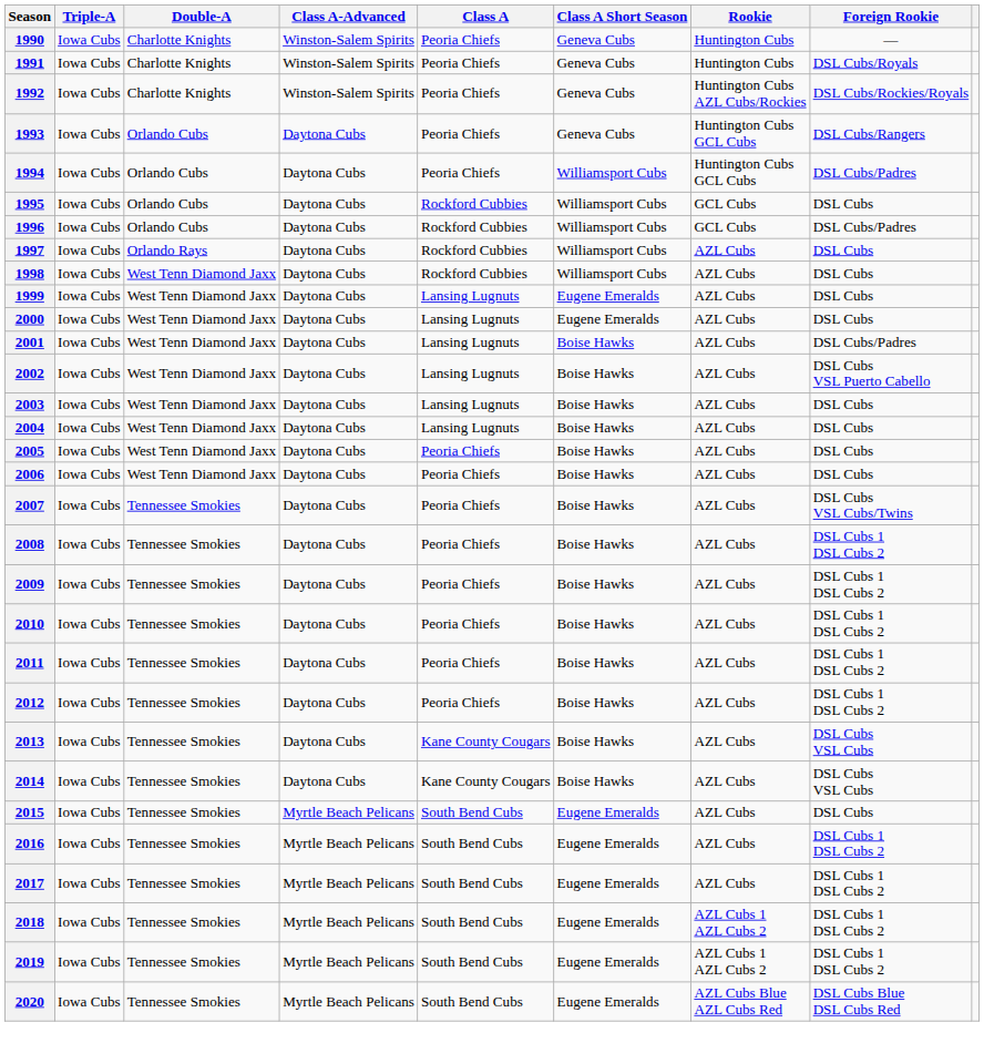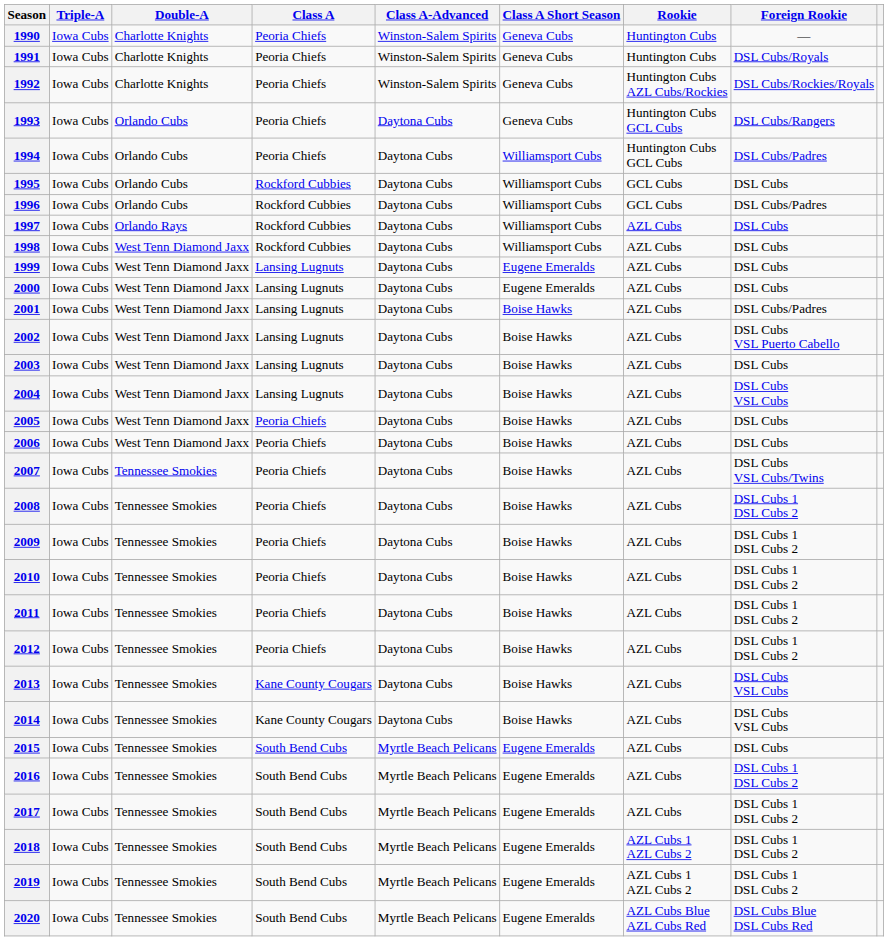 <table class="wikitable plainrowheaders">
 <tr>
 <th scope="col">Season</th>
 <th scope="col"><a href='#'><span>Triple-A</span></a></th>
 <th scope="col"><a href='#'><span>Double-A</span></a></th>
+<th scope="col"><a href='#'><span>Class A</span></a></th>
 <th scope="col"><a href='#'><span>Class A-Advanced</span></a></th>
-<th scope="col"><a href='#'><span>Class A</span></a></th>
 <th scope="col"><a href='#'><span>Class A Short Season</span></a></th>
 <th scope="col"><a href='#'><span>Rookie</span></a></th>
 <th scope="col"><a href='#'><span>Foreign Rookie</span></a></th>
 <th scope="col"></th>
 </tr>
 <tr>
 <th scope="row" style="text-align:center"><a href='#'>1990</a></th>
 <td><a href='#'>Iowa Cubs</a></td>
 <td><a href='#'>Charlotte Knights</a></td>
+<td><a href='#'>Peoria Chiefs</a></td>
 <td><a href='#'>Winston-Salem Spirits</a></td>
-<td><a href='#'>Peoria Chiefs</a></td>
 <td><a href='#'>Geneva Cubs</a></td>
 <td><a href='#'>Huntington Cubs</a></td>
 <td align="center">—</td>
 <td align="center"></td>
 </tr>
 <tr>
 <th scope="row" style="text-align:center"><a href='#'>1991</a></th>
 <td>Iowa Cubs</td>
 <td>Charlotte Knights</td>
+<td>Peoria Chiefs</td>
 <td>Winston-Salem Spirits</td>
-<td>Peoria Chiefs</td>
 <td>Geneva Cubs</td>
 <td>Huntington Cubs</td>
 <td><a href='#'>DSL Cubs/Royals</a></td>
 <td align="center"></td>
 </tr>
 <tr>
 <th scope="row" style="text-align:center"><a href='#'>1992</a></th>
 <td>Iowa Cubs</td>
 <td>Charlotte Knights</td>
+<td>Peoria Chiefs</td>
 <td>Winston-Salem Spirits</td>
-<td>Peoria Chiefs</td>
 <td>Geneva Cubs</td>
 <td>Huntington Cubs<br><a href='#'>AZL Cubs/Rockies</a></td>
 <td><a href='#'>DSL Cubs/Rockies/Royals</a></td>
 <td align="center"></td>
 </tr>
 <tr>
 <th scope="row" style="text-align:center"><a href='#'>1993</a></th>
 <td>Iowa Cubs</td>
 <td><a href='#'>Orlando Cubs</a></td>
+<td>Peoria Chiefs</td>
 <td><a href='#'>Daytona Cubs</a></td>
-<td>Peoria Chiefs</td>
 <td>Geneva Cubs</td>
 <td>Huntington Cubs<br><a href='#'>GCL Cubs</a></td>
 <td><a href='#'>DSL Cubs/Rangers</a></td>
 <td align="center"></td>
 </tr>
 <tr>
 <th scope="row" style="text-align:center"><a href='#'>1994</a></th>
 <td>Iowa Cubs</td>
 <td>Orlando Cubs</td>
+<td>Peoria Chiefs</td>
 <td>Daytona Cubs</td>
-<td>Peoria Chiefs</td>
 <td><a href='#'>Williamsport Cubs</a></td>
 <td>Huntington Cubs<br>GCL Cubs</td>
 <td><a href='#'>DSL Cubs/Padres</a></td>
 <td align="center"></td>
 </tr>
 <tr>
 <th scope="row" style="text-align:center"><a href='#'>1995</a></th>
 <td>Iowa Cubs</td>
 <td>Orlando Cubs</td>
+<td><a href='#'>Rockford Cubbies</a></td>
 <td>Daytona Cubs</td>
-<td><a href='#'>Rockford Cubbies</a></td>
 <td>Williamsport Cubs</td>
 <td>GCL Cubs</td>
 <td>DSL Cubs</td>
 <td align="center"></td>
 </tr>
 <tr>
 <th scope="row" style="text-align:center"><a href='#'>1996</a></th>
 <td>Iowa Cubs</td>
 <td>Orlando Cubs</td>
+<td>Rockford Cubbies</td>
 <td>Daytona Cubs</td>
-<td>Rockford Cubbies</td>
 <td>Williamsport Cubs</td>
 <td>GCL Cubs</td>
 <td>DSL Cubs/Padres</td>
 <td align="center"></td>
 </tr>
 <tr>
 <th scope="row" style="text-align:center"><a href='#'>1997</a></th>
 <td>Iowa Cubs</td>
 <td><a href='#'>Orlando Rays</a></td>
+<td>Rockford Cubbies</td>
 <td>Daytona Cubs</td>
-<td>Rockford Cubbies</td>
 <td>Williamsport Cubs</td>
 <td><a href='#'>AZL Cubs</a></td>
 <td><a href='#'>DSL Cubs</a></td>
 <td align="center"></td>
 </tr>
 <tr>
 <th scope="row" style="text-align:center"><a href='#'>1998</a></th>
 <td>Iowa Cubs</td>
 <td><a href='#'>West Tenn Diamond Jaxx</a></td>
+<td>Rockford Cubbies</td>
 <td>Daytona Cubs</td>
-<td>Rockford Cubbies</td>
 <td>Williamsport Cubs</td>
 <td>AZL Cubs</td>
 <td>DSL Cubs</td>
 <td align="center"></td>
 </tr>
 <tr>
 <th scope="row" style="text-align:center"><a href='#'>1999</a></th>
 <td>Iowa Cubs</td>
 <td>West Tenn Diamond Jaxx</td>
+<td><a href='#'>Lansing Lugnuts</a></td>
 <td>Daytona Cubs</td>
-<td><a href='#'>Lansing Lugnuts</a></td>
 <td><a href='#'>Eugene Emeralds</a></td>
 <td>AZL Cubs</td>
 <td>DSL Cubs</td>
 <td align="center"></td>
 </tr>
 <tr>
 <th scope="row" style="text-align:center"><a href='#'>2000</a></th>
 <td>Iowa Cubs</td>
 <td>West Tenn Diamond Jaxx</td>
+<td>Lansing Lugnuts</td>
 <td>Daytona Cubs</td>
-<td>Lansing Lugnuts</td>
 <td>Eugene Emeralds</td>
 <td>AZL Cubs</td>
 <td>DSL Cubs</td>
 <td align="center"></td>
 </tr>
 <tr>
 <th scope="row" style="text-align:center"><a href='#'>2001</a></th>
 <td>Iowa Cubs</td>
 <td>West Tenn Diamond Jaxx</td>
+<td>Lansing Lugnuts</td>
 <td>Daytona Cubs</td>
-<td>Lansing Lugnuts</td>
 <td><a href='#'>Boise Hawks</a></td>
 <td>AZL Cubs</td>
 <td>DSL Cubs/Padres</td>
 <td align="center"></td>
 </tr>
 <tr>
 <th scope="row" style="text-align:center"><a href='#'>2002</a></th>
 <td>Iowa Cubs</td>
 <td>West Tenn Diamond Jaxx</td>
+<td>Lansing Lugnuts</td>
 <td>Daytona Cubs</td>
-<td>Lansing Lugnuts</td>
 <td>Boise Hawks</td>
 <td>AZL Cubs</td>
 <td>DSL Cubs<br><a href='#'>VSL Puerto Cabello</a></td>
 <td align="center"></td>
 </tr>
 <tr>
 <th scope="row" style="text-align:center"><a href='#'>2003</a></th>
 <td>Iowa Cubs</td>
 <td>West Tenn Diamond Jaxx</td>
+<td>Lansing Lugnuts</td>
 <td>Daytona Cubs</td>
-<td>Lansing Lugnuts</td>
 <td>Boise Hawks</td>
 <td>AZL Cubs</td>
 <td>DSL Cubs</td>
 <td align="center"></td>
 </tr>
 <tr>
 <th scope="row" style="text-align:center"><a href='#'>2004</a></th>
 <td>Iowa Cubs</td>
 <td>West Tenn Diamond Jaxx</td>
+<td>Lansing Lugnuts</td>
 <td>Daytona Cubs</td>
-<td>Lansing Lugnuts</td>
 <td>Boise Hawks</td>
 <td>AZL Cubs</td>
-<td>DSL Cubs</td>
+<td><a href='#'>DSL Cubs</a><br><a href='#'>VSL Cubs</a></td>
 <td align="center"></td>
 </tr>
 <tr>
 <th scope="row" style="text-align:center"><a href='#'>2005</a></th>
 <td>Iowa Cubs</td>
 <td>West Tenn Diamond Jaxx</td>
+<td><a href='#'>Peoria Chiefs</a></td>
 <td>Daytona Cubs</td>
-<td><a href='#'>Peoria Chiefs</a></td>
 <td>Boise Hawks</td>
 <td>AZL Cubs</td>
 <td>DSL Cubs</td>
 <td align="center"></td>
 </tr>
 <tr>
 <th scope="row" style="text-align:center"><a href='#'>2006</a></th>
 <td>Iowa Cubs</td>
 <td>West Tenn Diamond Jaxx</td>
+<td>Peoria Chiefs</td>
 <td>Daytona Cubs</td>
-<td>Peoria Chiefs</td>
 <td>Boise Hawks</td>
 <td>AZL Cubs</td>
 <td>DSL Cubs</td>
 <td align="center"></td>
 </tr>
 <tr>
 <th scope="row" style="text-align:center"><a href='#'>2007</a></th>
 <td>Iowa Cubs</td>
 <td><a href='#'>Tennessee Smokies</a></td>
+<td>Peoria Chiefs</td>
 <td>Daytona Cubs</td>
-<td>Peoria Chiefs</td>
 <td>Boise Hawks</td>
 <td>AZL Cubs</td>
 <td>DSL Cubs<br><a href='#'>VSL Cubs/Twins</a></td>
 <td align="center"></td>
 </tr>
 <tr>
 <th scope="row" style="text-align:center"><a href='#'>2008</a></th>
 <td>Iowa Cubs</td>
 <td>Tennessee Smokies</td>
+<td>Peoria Chiefs</td>
 <td>Daytona Cubs</td>
-<td>Peoria Chiefs</td>
 <td>Boise Hawks</td>
 <td>AZL Cubs</td>
 <td><a href='#'>DSL Cubs 1</a><br><a href='#'>DSL Cubs 2</a></td>
 <td align="center"></td>
 </tr>
 <tr>
 <th scope="row" style="text-align:center"><a href='#'>2009</a></th>
 <td>Iowa Cubs</td>
 <td>Tennessee Smokies</td>
+<td>Peoria Chiefs</td>
 <td>Daytona Cubs</td>
-<td>Peoria Chiefs</td>
 <td>Boise Hawks</td>
 <td>AZL Cubs</td>
 <td>DSL Cubs 1 <br>DSL Cubs 2</td>
 <td align="center"></td>
 </tr>
 <tr>
 <th scope="row" style="text-align:center"><a href='#'>2010</a></th>
 <td>Iowa Cubs</td>
 <td>Tennessee Smokies</td>
+<td>Peoria Chiefs</td>
 <td>Daytona Cubs</td>
-<td>Peoria Chiefs</td>
 <td>Boise Hawks</td>
 <td>AZL Cubs</td>
 <td>DSL Cubs 1 <br>DSL Cubs 2</td>
 <td align="center"></td>
 </tr>
 <tr>
 <th scope="row" style="text-align:center"><a href='#'>2011</a></th>
 <td>Iowa Cubs</td>
 <td>Tennessee Smokies</td>
+<td>Peoria Chiefs</td>
 <td>Daytona Cubs</td>
-<td>Peoria Chiefs</td>
 <td>Boise Hawks</td>
 <td>AZL Cubs</td>
 <td>DSL Cubs 1 <br>DSL Cubs 2</td>
 <td align="center"></td>
 </tr>
 <tr>
 <th scope="row" style="text-align:center"><a href='#'>2012</a></th>
 <td>Iowa Cubs</td>
 <td>Tennessee Smokies</td>
+<td>Peoria Chiefs</td>
 <td>Daytona Cubs</td>
-<td>Peoria Chiefs</td>
 <td>Boise Hawks</td>
 <td>AZL Cubs</td>
 <td>DSL Cubs 1 <br>DSL Cubs 2</td>
 <td align="center"></td>
 </tr>
 <tr>
 <th scope="row" style="text-align:center"><a href='#'>2013</a></th>
 <td>Iowa Cubs</td>
 <td>Tennessee Smokies</td>
+<td><a href='#'>Kane County Cougars</a></td>
 <td>Daytona Cubs</td>
-<td><a href='#'>Kane County Cougars</a></td>
 <td>Boise Hawks</td>
 <td>AZL Cubs</td>
 <td><a href='#'>DSL Cubs</a><br><a href='#'>VSL Cubs</a></td>
 <td align="center"></td>
 </tr>
 <tr>
 <th scope="row" style="text-align:center"><a href='#'>2014</a></th>
 <td>Iowa Cubs</td>
 <td>Tennessee Smokies</td>
+<td>Kane County Cougars</td>
 <td>Daytona Cubs</td>
-<td>Kane County Cougars</td>
 <td>Boise Hawks</td>
 <td>AZL Cubs</td>
 <td>DSL Cubs<br>VSL Cubs</td>
 <td align="center"></td>
 </tr>
 <tr>
 <th scope="row" style="text-align:center"><a href='#'>2015</a></th>
 <td>Iowa Cubs</td>
 <td>Tennessee Smokies</td>
+<td><a href='#'>South Bend Cubs</a></td>
 <td><a href='#'>Myrtle Beach Pelicans</a></td>
-<td><a href='#'>South Bend Cubs</a></td>
 <td><a href='#'>Eugene Emeralds</a></td>
 <td>AZL Cubs</td>
 <td>DSL Cubs</td>
 <td align="center"></td>
 </tr>
 <tr>
 <th scope="row" style="text-align:center"><a href='#'>2016</a></th>
 <td>Iowa Cubs</td>
 <td>Tennessee Smokies</td>
+<td>South Bend Cubs</td>
 <td>Myrtle Beach Pelicans</td>
-<td>South Bend Cubs</td>
 <td>Eugene Emeralds</td>
 <td>AZL Cubs</td>
 <td><a href='#'>DSL Cubs 1</a><br><a href='#'>DSL Cubs 2</a></td>
 <td align="center"></td>
 </tr>
 <tr>
 <th scope="row" style="text-align:center"><a href='#'>2017</a></th>
 <td>Iowa Cubs</td>
 <td>Tennessee Smokies</td>
+<td>South Bend Cubs</td>
 <td>Myrtle Beach Pelicans</td>
-<td>South Bend Cubs</td>
 <td>Eugene Emeralds</td>
 <td>AZL Cubs</td>
 <td>DSL Cubs 1<br>DSL Cubs 2</td>
 <td align="center"></td>
 </tr>
 <tr>
 <th scope="row" style="text-align:center"><a href='#'>2018</a></th>
 <td>Iowa Cubs</td>
 <td>Tennessee Smokies</td>
+<td>South Bend Cubs</td>
 <td>Myrtle Beach Pelicans</td>
-<td>South Bend Cubs</td>
 <td>Eugene Emeralds</td>
 <td><a href='#'>AZL Cubs 1</a><br><a href='#'>AZL Cubs 2</a></td>
 <td>DSL Cubs 1<br>DSL Cubs 2</td>
 <td align="center"></td>
 </tr>
 <tr>
 <th scope="row" style="text-align:center"><a href='#'>2019</a></th>
 <td>Iowa Cubs</td>
 <td>Tennessee Smokies</td>
+<td>South Bend Cubs</td>
 <td>Myrtle Beach Pelicans</td>
-<td>South Bend Cubs</td>
 <td>Eugene Emeralds</td>
 <td>AZL Cubs 1<br>AZL Cubs 2</td>
 <td>DSL Cubs 1<br>DSL Cubs 2</td>
 <td align="center"></td>
 </tr>
 <tr>
 <th scope="row" style="text-align:center"><a href='#'>2020</a></th>
 <td>Iowa Cubs</td>
 <td>Tennessee Smokies</td>
+<td>South Bend Cubs</td>
 <td>Myrtle Beach Pelicans</td>
-<td>South Bend Cubs</td>
 <td>Eugene Emeralds</td>
 <td><a href='#'>AZL Cubs Blue</a><br><a href='#'>AZL Cubs Red</a></td>
 <td><a href='#'>DSL Cubs Blue</a><br><a href='#'>DSL Cubs Red</a></td>
 <td align="center"></td>
 </tr>
 </table>
